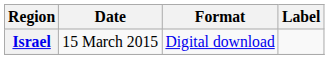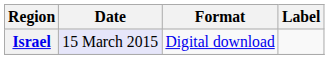 <table class="wikitable plainrowheaders">
 <tr>
 <th scope="col">Region</th>
 <th scope="col">Date</th>
 <th scope="col">Format</th>
 <th scope="col">Label</th>
 </tr>
 <tr>
 <th scope="row"><a href='#'>Israel</a></th>
-<td>15 March 2015</td>
+<td style="background: lavender;">15 March 2015</td>
 <td><a href='#'>Digital download</a></td>
 <td></td>
 </tr>
 <tr>
 </tr>
 </table>
